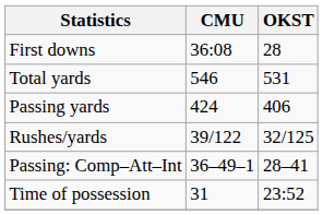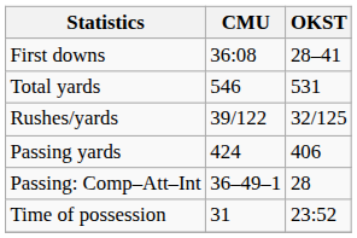 <table class="wikitable" style="float: left;">
 <tr>
 <th>Statistics</th>
 <th>CMU</th>
 <th>OKST</th>
 </tr>
 <tr>
 <td>First downs</td>
 <td>36:08</td>
-<td>28</td>
+<td>28–41</td>
 </tr>
 <tr>
 <td>Total yards</td>
 <td>546</td>
 <td>531</td>
 </tr>
 <tr>
+<td>Rushes/yards</td>
+<td>39/122</td>
+<td>32/125</td>
+</tr>
+<tr>
 <td>Passing yards</td>
 <td>424</td>
 <td>406</td>
 </tr>
 <tr>
-<td>Rushes/yards</td>
-<td>39/122</td>
-<td>32/125</td>
-</tr>
-<tr>
 <td>Passing: Comp–Att–Int</td>
 <td>36–49–1</td>
-<td>28–41</td>
+<td>28</td>
 </tr>
 <tr>
 <td>Time of possession</td>
 <td>31</td>
 <td>23:52</td>
 </tr>
 <tr>
 </tr>
 </table>
